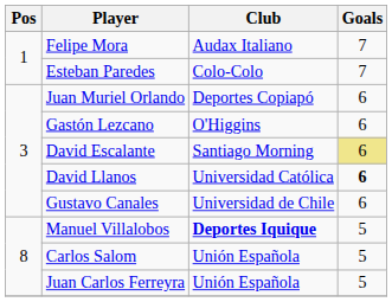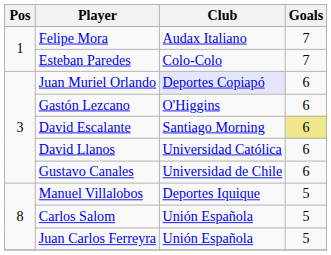 <table class="wikitable">
 <tr>
 <th width=28>Pos</th>
 <th>Player</th>
 <th>Club</th>
 <th>Goals</th>
 </tr>
 <tr>
 <td align=center rowspan=2>1</td>
 <td> <a href='#'>Felipe Mora</a></td>
 <td><a href='#'>Audax Italiano</a></td>
 <td align=center>7</td>
 </tr>
 <tr>
 <td> <a href='#'>Esteban Paredes</a></td>
 <td><a href='#'>Colo-Colo</a></td>
 <td align=center>7</td>
 </tr>
 <tr>
 <td align=center rowspan=5>3</td>
 <td> <a href='#'>Juan Muriel Orlando</a></td>
-<td><a href='#'>Deportes Copiapó</a></td>
+<td style="background: lavender;"><a href='#'>Deportes Copiapó</a></td>
 <td align=center>6</td>
 </tr>
 <tr>
 <td> <a href='#'>Gastón Lezcano</a></td>
 <td><a href='#'>O'Higgins</a></td>
 <td align=center>6</td>
 </tr>
 <tr>
 <td> <a href='#'>David Escalante</a></td>
 <td><a href='#'>Santiago Morning</a></td>
 <td align=center style="background: khaki;">6</td>
 </tr>
 <tr>
 <td> <a href='#'>David Llanos</a></td>
 <td><a href='#'>Universidad Católica</a></td>
-<td align=center><strong>6</strong></td>
+<td align=center>6</td>
 </tr>
 <tr>
 <td> <a href='#'>Gustavo Canales</a></td>
 <td><a href='#'>Universidad de Chile</a></td>
 <td align=center>6</td>
 </tr>
 <tr>
 <td align=center rowspan=3>8</td>
 <td> <a href='#'>Manuel Villalobos</a></td>
-<td><strong><a href='#'>Deportes Iquique</a></strong></td>
+<td><a href='#'>Deportes Iquique</a></td>
 <td align=center>5</td>
 </tr>
 <tr>
 <td> <a href='#'>Carlos Salom</a></td>
 <td><a href='#'>Unión Española</a></td>
 <td align=center>5</td>
 </tr>
 <tr>
 <td> <a href='#'>Juan Carlos Ferreyra</a></td>
 <td><a href='#'>Unión Española</a></td>
 <td align=center>5</td>
 </tr>
 <tr>
 </tr>
 </table>
